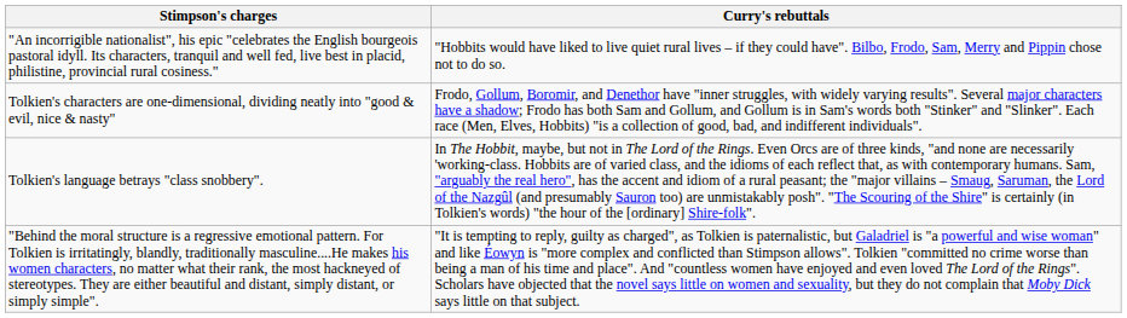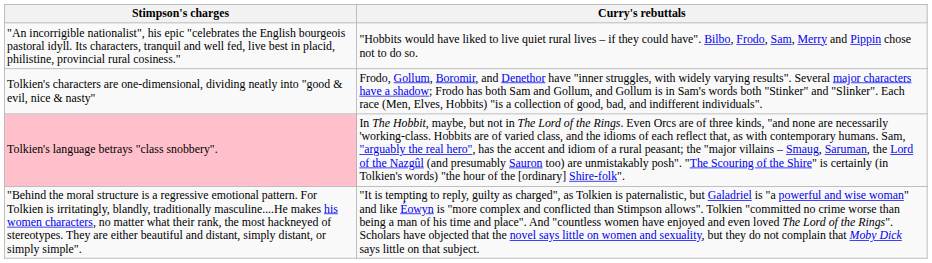 <table class="wikitable">
 <tr>
 <th>Stimpson's charges</th>
 <th>Curry's rebuttals</th>
 </tr>
 <tr>
 <td>"An incorrigible nationalist", his epic "celebrates the English bourgeois pastoral idyll. Its characters, tranquil and well fed, live best in placid, philistine, provincial rural cosiness."</td>
 <td>"Hobbits would have liked to live quiet rural lives – if they could have". <a href='#'>Bilbo</a>, <a href='#'>Frodo</a>, <a href='#'>Sam</a>, <a href='#'>Merry</a> and <a href='#'>Pippin</a> chose not to do so.</td>
 </tr>
 <tr>
 <td>Tolkien's characters are one-dimensional, dividing neatly into "good & evil, nice & nasty"</td>
 <td>Frodo, <a href='#'>Gollum</a>, <a href='#'>Boromir</a>, and <a href='#'>Denethor</a> have "inner struggles, with widely varying results". Several <a href='#'>major characters have a shadow</a>; Frodo has both Sam and Gollum, and Gollum is in Sam's words both "Stinker" and "Slinker". Each race (Men, Elves, Hobbits) "is a collection of good, bad, and indifferent individuals".</td>
 </tr>
 <tr>
-<td>Tolkien's language betrays "class snobbery".</td>
+<td style="background: pink;">Tolkien's language betrays "class snobbery".</td>
 <td>In <em>The Hobbit</em>, maybe, but not in <em>The Lord of the Rings</em>. Even Orcs are of three kinds, "and none are necessarily 'working-class. Hobbits are of varied class, and the idioms of each reflect that, as with contemporary humans. Sam, <a href='#'>"arguably the real hero"</a>, has the accent and idiom of a rural peasant; the "major villains – <a href='#'>Smaug</a>, <a href='#'>Saruman</a>, the <a href='#'>Lord of the Nazgûl</a> (and presumably <a href='#'>Sauron</a> too) are unmistakably posh". "<a href='#'>The Scouring of the Shire</a>" is certainly (in Tolkien's words) "the hour of the [ordinary] <a href='#'>Shire-folk</a>".</td>
 </tr>
 <tr>
 <td>"Behind the moral structure is a regressive emotional pattern. For Tolkien is irritatingly, blandly, traditionally masculine....He makes <a href='#'>his women characters</a>, no matter what their rank, the most hackneyed of stereotypes. They are either beautiful and distant, simply distant, or simply simple".</td>
 <td>"It is tempting to reply, guilty as charged", as Tolkien is paternalistic, but <a href='#'>Galadriel</a> is "a <a href='#'>powerful and wise woman</a>" and like <a href='#'>Éowyn</a> is "more complex and conflicted than Stimpson allows". Tolkien "committed no crime worse than being a man of his time and place". And "countless women have enjoyed and even loved <em>The Lord of the Rings</em>". Scholars have objected that the <a href='#'>novel says little on women and sexuality</a>, but they do not complain that <em><a href='#'>Moby Dick</a></em> says little on that subject.</td>
 </tr>
 </table>
